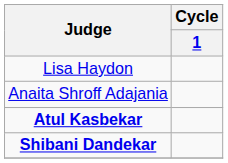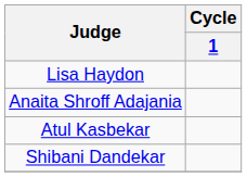 <table class="wikitable plainrowheaders" style="text-align:center">
 <tr>
 <th rowspan="2">Judge</th>
 <th colspan="3">Cycle</th>
 </tr>
 <tr>
 <th><a href='#'><strong>1</strong></a></th>
 </tr>
 <tr>
 <td><a href='#'>Lisa Haydon</a></td>
 <td></td>
 </tr>
 <tr>
 <td><a href='#'>Anaita Shroff Adajania</a></td>
 <td></td>
 </tr>
 <tr>
-<td><strong><a href='#'>Atul Kasbekar</a></strong></td>
+<td><a href='#'>Atul Kasbekar</a></td>
 <td></td>
 </tr>
 <tr>
-<td><strong><a href='#'>Shibani Dandekar</a></strong></td>
+<td><a href='#'>Shibani Dandekar</a></td>
 <td></td>
 </tr>
 <tr>
 </tr>
 </table>
